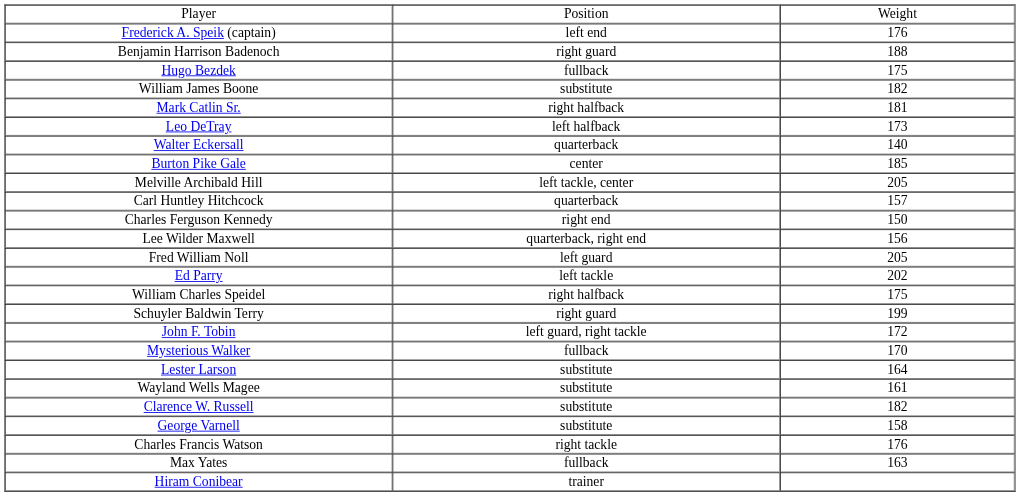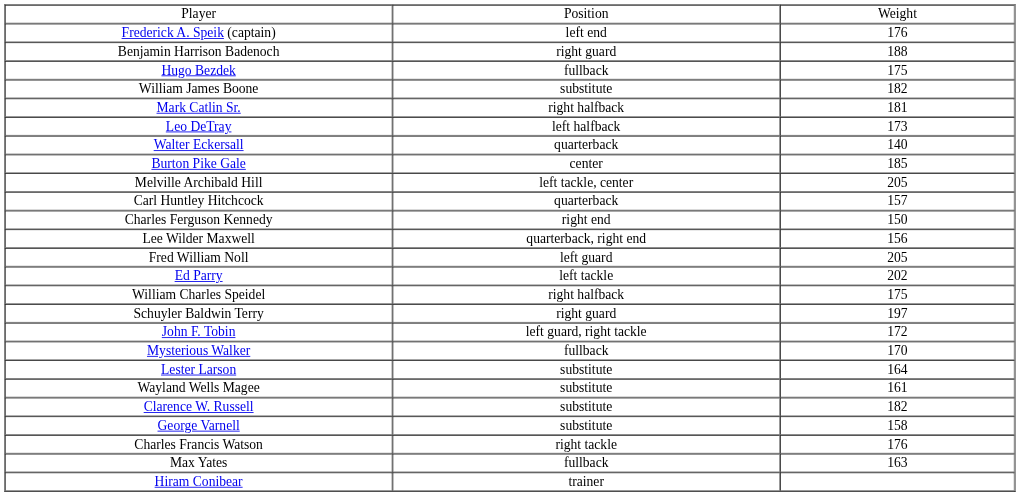 <table cellpadding="1" border="1" cellspacing="0" width="60%" style="text-align:center;">
 <tr>
 <td>Player</td>
 <td>Position</td>
 <td>Weight</td>
 </tr>
 <tr align="center" bgcolor="">
 <td><a href='#'>Frederick A. Speik</a> (captain)</td>
 <td>left end</td>
 <td>176</td>
 </tr>
 <tr align="center" bgcolor="">
 <td>Benjamin Harrison Badenoch</td>
 <td>right guard</td>
 <td>188</td>
 </tr>
 <tr align="center" bgcolor="">
 <td><a href='#'>Hugo Bezdek</a></td>
 <td>fullback</td>
 <td>175</td>
 </tr>
 <tr align="center" bgcolor="">
 <td>William James Boone</td>
 <td>substitute</td>
 <td>182</td>
 </tr>
 <tr align="center" bgcolor="">
 <td><a href='#'>Mark Catlin Sr.</a></td>
 <td>right halfback</td>
 <td>181</td>
 </tr>
 <tr align="center" bgcolor="">
 <td><a href='#'>Leo DeTray</a></td>
 <td>left halfback</td>
 <td>173</td>
 </tr>
 <tr align="center" bgcolor="">
 <td><a href='#'>Walter Eckersall</a></td>
 <td>quarterback</td>
 <td>140</td>
 </tr>
 <tr align="center" bgcolor="">
 <td><a href='#'>Burton Pike Gale</a></td>
 <td>center</td>
 <td>185</td>
 </tr>
 <tr align="center" bgcolor="">
 <td>Melville Archibald Hill</td>
 <td>left tackle, center</td>
 <td>205</td>
 </tr>
 <tr align="center" bgcolor="">
 <td>Carl Huntley Hitchcock</td>
 <td>quarterback</td>
 <td>157</td>
 </tr>
 <tr align="center" bgcolor="">
 <td>Charles Ferguson Kennedy</td>
 <td>right end</td>
 <td>150</td>
 </tr>
 <tr align="center" bgcolor="">
 <td width="250">Lee Wilder Maxwell</td>
 <td width="250">quarterback, right end</td>
 <td width="150">156</td>
 </tr>
 <tr align="center" bgcolor="">
 <td>Fred William Noll</td>
 <td>left guard</td>
 <td>205</td>
 </tr>
 <tr align="center" bgcolor="">
 <td><a href='#'>Ed Parry</a></td>
 <td>left tackle</td>
 <td>202</td>
 </tr>
 <tr align="center" bgcolor="">
 <td>William Charles Speidel</td>
 <td>right halfback</td>
 <td>175</td>
 </tr>
 <tr align="center" bgcolor="">
 <td>Schuyler Baldwin Terry</td>
 <td>right guard</td>
-<td>199</td>
+<td>197</td>
 </tr>
 <tr align="center" bgcolor="">
 <td><a href='#'>John F. Tobin</a></td>
 <td>left guard, right tackle</td>
 <td>172</td>
 </tr>
 <tr align="center" bgcolor="">
 <td><a href='#'>Mysterious Walker</a></td>
 <td>fullback</td>
 <td>170</td>
 </tr>
 <tr align="center" bgcolor="">
 <td><a href='#'>Lester Larson</a></td>
 <td>substitute</td>
 <td>164</td>
 </tr>
 <tr align="center" bgcolor="">
 <td>Wayland Wells Magee</td>
 <td>substitute</td>
 <td>161</td>
 </tr>
 <tr align="center" bgcolor="">
 <td><a href='#'>Clarence W. Russell</a></td>
 <td>substitute</td>
 <td>182</td>
 </tr>
 <tr align="center" bgcolor="">
 <td><a href='#'>George Varnell</a></td>
 <td>substitute</td>
 <td>158</td>
 </tr>
 <tr align="center" bgcolor="">
 <td>Charles Francis Watson</td>
 <td>right tackle</td>
 <td>176</td>
 </tr>
 <tr align="center" bgcolor="">
 <td>Max Yates</td>
 <td>fullback</td>
 <td>163</td>
 </tr>
 <tr align="center" bgcolor="">
 <td><a href='#'>Hiram Conibear</a></td>
 <td>trainer</td>
 <td></td>
 </tr>
 <tr align="center" bgcolor="">
 </tr>
 </table>
